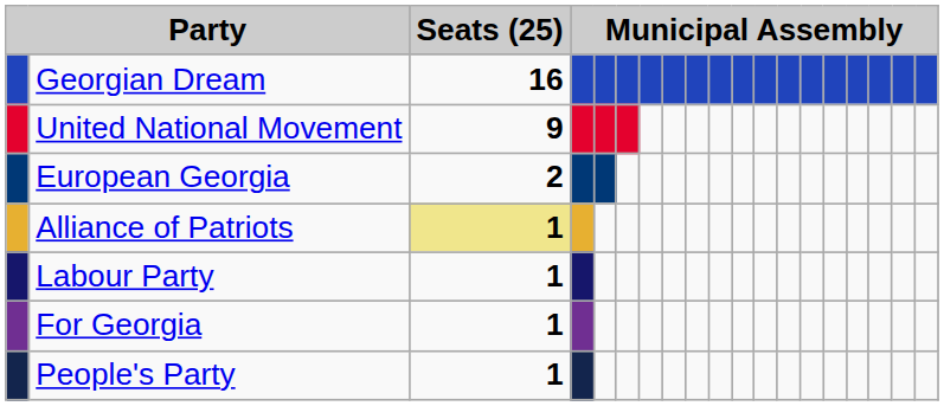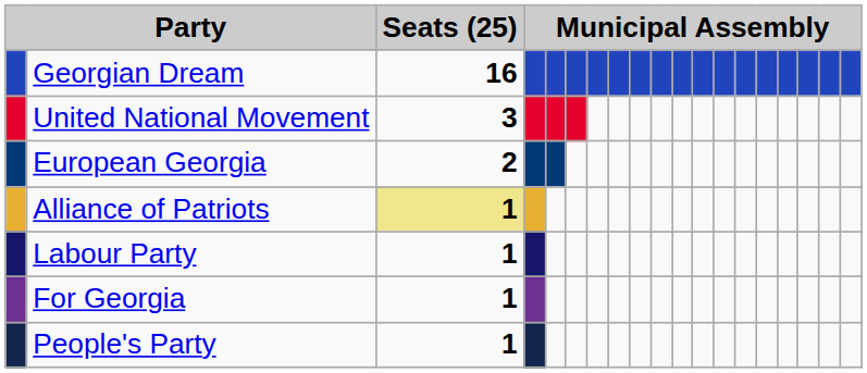 <table class="wikitable">
 <tr>
 <th style="background:#ccc" colspan="2">Party</th>
 <th style="background:#ccc">Seats (25)</th>
 <th style="background:#ccc" colspan="20">Municipal Assembly</th>
 </tr>
 <tr>
 <td style="background-color: #2044BC"> </td>
 <td><a href='#'>Georgian Dream</a></td>
 <td style="text-align: right"><strong>16</strong></td>
 <td style="background-color: #2044BC"></td>
 <td style="background-color: #2044BC"> </td>
 <td style="background-color: #2044BC"> </td>
 <td style="background-color: #2044BC"> </td>
 <td style="background-color: #2044BC"> </td>
 <td style="background-color: #2044BC"> </td>
 <td style="background-color: #2044BC"> </td>
 <td style="background-color: #2044BC"> </td>
 <td style="background-color: #2044BC"> </td>
 <td style="background-color: #2044BC"> </td>
 <td style="background-color: #2044BC"> </td>
 <td style="background-color: #2044BC"> </td>
 <td style="background-color: #2044BC"> </td>
 <td style="background-color: #2044BC"> </td>
 <td style="background-color: #2044BC"> </td>
 <td style="background-color: #2044BC"> </td>
 </tr>
 <tr>
 <td style="background-color: #e4012e"> </td>
 <td><a href='#'>United National Movement</a></td>
-<td style="text-align: right"><strong>9</strong></td>
+<td style="text-align: right"><strong>3</strong></td>
 <td style="background-color: #e4012e"> </td>
 <td style="background-color: #e4012e"> </td>
 <td style="background-color: #e4012e"> </td>
 <td> </td>
 <td> </td>
 <td> </td>
 <td> </td>
 <td> </td>
 <td> </td>
 <td> </td>
 <td> </td>
 <td> </td>
 <td> </td>
 <td> </td>
 <td> </td>
 <td> </td>
 </tr>
 <tr>
 <td style="background-color: #003876"> </td>
 <td><a href='#'>European Georgia</a></td>
 <td style="text-align: right"><strong>2</strong></td>
 <td style="background-color: #003876"> </td>
 <td style="background-color: #003876"> </td>
 <td> </td>
 <td> </td>
 <td> </td>
 <td> </td>
 <td> </td>
 <td> </td>
 <td> </td>
 <td> </td>
 <td> </td>
 <td> </td>
 <td> </td>
 <td> </td>
 <td> </td>
 <td> </td>
 </tr>
 <tr>
 <td style="background-color: #e7b031 "> </td>
 <td><a href='#'>Alliance of Patriots</a></td>
 <td style="background: khaki; text-align: right"><strong>1</strong></td>
 <td style="background-color: #e7b031 "> </td>
 <td> </td>
 <td> </td>
 <td> </td>
 <td> </td>
 <td> </td>
 <td> </td>
 <td> </td>
 <td> </td>
 <td> </td>
 <td> </td>
 <td> </td>
 <td> </td>
 <td> </td>
 <td> </td>
 <td> </td>
 </tr>
 <tr>
 <td style="background-color: #16166b  "> </td>
 <td><a href='#'>Labour Party</a></td>
 <td style="text-align: right"><strong>1</strong></td>
 <td style="background-color: #16166b "> </td>
 <td> </td>
 <td> </td>
 <td> </td>
 <td> </td>
 <td> </td>
 <td> </td>
 <td> </td>
 <td> </td>
 <td> </td>
 <td> </td>
 <td> </td>
 <td> </td>
 <td> </td>
 <td> </td>
 <td> </td>
 </tr>
 <tr>
 <td style="background-color: #702F92"> </td>
 <td><a href='#'>For Georgia</a></td>
 <td style="text-align: right"><strong>1</strong></td>
 <td style="background-color: #702F92"> </td>
 <td> </td>
 <td> </td>
 <td> </td>
 <td> </td>
 <td> </td>
 <td> </td>
 <td> </td>
 <td> </td>
 <td> </td>
 <td> </td>
 <td> </td>
 <td> </td>
 <td> </td>
 <td> </td>
 <td> </td>
 </tr>
 <tr>
 <td style="background-color: #13254d"> </td>
 <td><a href='#'>People's Party</a></td>
 <td style="text-align: right"><strong>1</strong></td>
 <td style="background-color: #13254d"> </td>
 <td> </td>
 <td> </td>
 <td> </td>
 <td> </td>
 <td> </td>
 <td> </td>
 <td> </td>
 <td> </td>
 <td> </td>
 <td> </td>
 <td> </td>
 <td> </td>
 <td> </td>
 <td> </td>
 <td> </td>
 </tr>
 </table>
